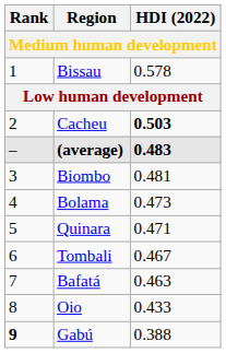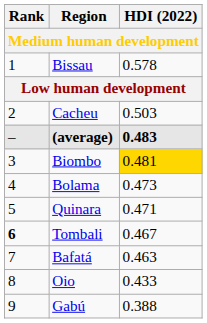 <table class="wikitable sortable">
 <tr>
 <th>Rank</th>
 <th>Region</th>
 <th>HDI (2022)</th>
 </tr>
 <tr>
 <th colspan="3" style="color:#fc0;">Medium human development</th>
 </tr>
 <tr>
 <td>1</td>
 <td><a href='#'>Bissau</a></td>
 <td>0.578</td>
 </tr>
 <tr>
 <th colspan="3" style="color:#900;">Low human development</th>
 </tr>
 <tr>
 <td>2</td>
 <td><a href='#'>Cacheu</a></td>
-<td><strong>0.503</strong></td>
+<td>0.503</td>
 </tr>
 <tr style="background:#e6e6e6">
 <td>–</td>
 <td><strong> (average)</strong></td>
 <td><strong>0.483</strong></td>
 </tr>
 <tr>
 <td>3</td>
 <td><a href='#'>Biombo</a></td>
-<td>0.481</td>
+<td style="background: gold;">0.481</td>
 </tr>
 <tr>
 <td>4</td>
 <td><a href='#'>Bolama</a></td>
 <td>0.473</td>
 </tr>
 <tr>
 <td>5</td>
 <td><a href='#'>Quinara</a></td>
 <td>0.471</td>
 </tr>
 <tr>
-<td>6</td>
+<td><strong>6</strong></td>
 <td><a href='#'>Tombali</a></td>
 <td>0.467</td>
 </tr>
 <tr>
 <td>7</td>
 <td><a href='#'>Bafatá</a></td>
 <td>0.463</td>
 </tr>
 <tr>
 <td>8</td>
 <td><a href='#'>Oio</a></td>
 <td>0.433</td>
 </tr>
 <tr>
-<td><strong>9</strong></td>
+<td>9</td>
 <td><a href='#'>Gabú</a></td>
 <td>0.388</td>
 </tr>
 </table>
